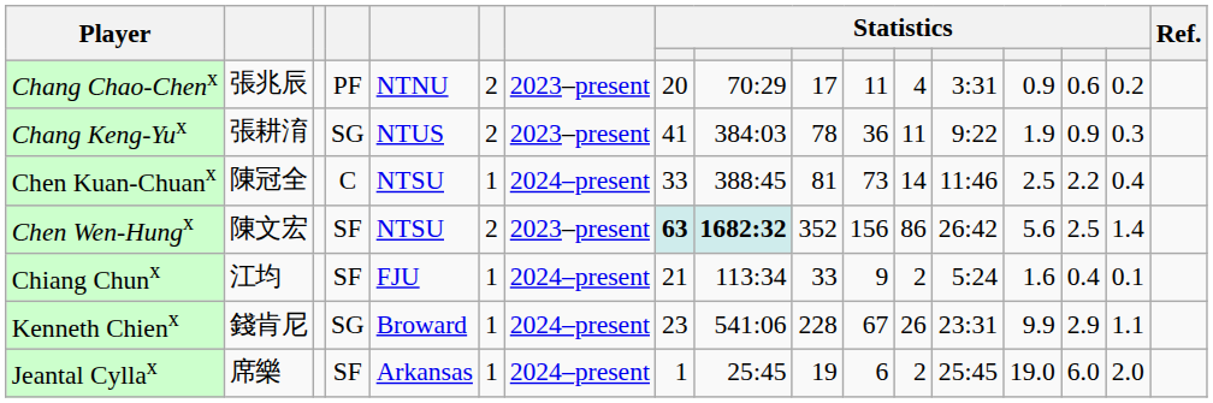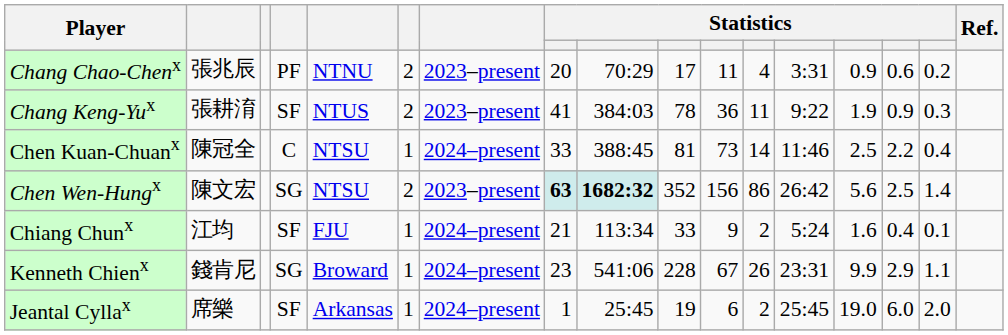 <table class="wikitable sortable" style="font-size:95%; text-align:right;">
 <tr>
 <th rowspan="2">Player</th>
 <th rowspan="2"></th>
 <th rowspan="2"></th>
 <th rowspan="2"></th>
 <th rowspan="2"></th>
 <th rowspan="2"></th>
 <th rowspan="2"></th>
 <th colspan="9">Statistics</th>
 <th rowspan="2">Ref.</th>
 </tr>
 <tr>
 <th></th>
 <th></th>
 <th></th>
 <th></th>
 <th></th>
 <th></th>
 <th></th>
 <th></th>
 <th></th>
 </tr>
 <tr>
 <td align="left" bgcolor="#CCFFCC"><em>Chang Chao-Chen</em><sup>x</sup></td>
 <td align="left">張兆辰</td>
 <td align="center"></td>
 <td align="center">PF</td>
 <td align="left"><a href='#'>NTNU</a></td>
 <td align="center">2</td>
 <td align="center"><a href='#'>2023</a>–<a href='#'>present</a></td>
 <td>20</td>
 <td>70:29</td>
 <td>17</td>
 <td>11</td>
 <td>4</td>
 <td>3:31</td>
 <td>0.9</td>
 <td>0.6</td>
 <td>0.2</td>
 <td align="center"></td>
 </tr>
 <tr>
 <td align="left" bgcolor="#CCFFCC"><em>Chang Keng-Yu</em><sup>x</sup></td>
 <td align="left">張耕淯</td>
 <td align="center"></td>
-<td align="center">SG</td>
+<td align="center">SF</td>
 <td align="left"><a href='#'>NTUS</a></td>
 <td align="center">2</td>
 <td align="center"><a href='#'>2023</a>–<a href='#'>present</a></td>
 <td>41</td>
 <td>384:03</td>
 <td>78</td>
 <td>36</td>
 <td>11</td>
 <td>9:22</td>
 <td>1.9</td>
 <td>0.9</td>
 <td>0.3</td>
 <td align="center"></td>
 </tr>
 <tr>
 <td align="left" bgcolor="#CCFFCC">Chen Kuan-Chuan<sup>x</sup></td>
 <td align="left">陳冠全</td>
 <td align="center"></td>
 <td align="center">C</td>
 <td align="left"><a href='#'>NTSU</a></td>
 <td align="center">1</td>
 <td align="center"><a href='#'>2024–present</a></td>
 <td>33</td>
 <td>388:45</td>
 <td>81</td>
 <td>73</td>
 <td>14</td>
 <td>11:46</td>
 <td>2.5</td>
 <td>2.2</td>
 <td>0.4</td>
 <td align="center"></td>
 </tr>
 <tr>
 <td align="left" bgcolor="#CCFFCC"><em>Chen Wen-Hung</em><sup>x</sup></td>
 <td align="left">陳文宏</td>
 <td align="center"></td>
-<td align="center">SF</td>
+<td align="center">SG</td>
 <td align="left"><a href='#'>NTSU</a></td>
 <td align="center">2</td>
 <td align="center"><a href='#'>2023</a>–<a href='#'>present</a></td>
 <td bgcolor="#CFECEC"><strong>63</strong></td>
 <td bgcolor="#CFECEC"><strong>1682:32</strong></td>
 <td>352</td>
 <td>156</td>
 <td>86</td>
 <td>26:42</td>
 <td>5.6</td>
 <td>2.5</td>
 <td>1.4</td>
 <td align="center"></td>
 </tr>
 <tr>
 <td align="left" bgcolor="#CCFFCC">Chiang Chun<sup>x</sup></td>
 <td align="left">江均</td>
 <td align="center"></td>
 <td align="center">SF</td>
 <td align="left"><a href='#'>FJU</a></td>
 <td align="center">1</td>
 <td align="center"><a href='#'>2024–present</a></td>
 <td>21</td>
 <td>113:34</td>
 <td>33</td>
 <td>9</td>
 <td>2</td>
 <td>5:24</td>
 <td>1.6</td>
 <td>0.4</td>
 <td>0.1</td>
 <td align="center"></td>
 </tr>
 <tr>
 <td align="left" bgcolor="#CCFFCC">Kenneth Chien<sup>x</sup></td>
 <td align="left">錢肯尼</td>
 <td align="center"></td>
 <td align="center">SG</td>
 <td align="left"><a href='#'>Broward</a></td>
 <td align="center">1</td>
 <td align="center"><a href='#'>2024–present</a></td>
 <td>23</td>
 <td>541:06</td>
 <td>228</td>
 <td>67</td>
 <td>26</td>
 <td>23:31</td>
 <td>9.9</td>
 <td>2.9</td>
 <td>1.1</td>
 <td align="center"></td>
 </tr>
 <tr>
 <td align="left" bgcolor="#CCFFCC">Jeantal Cylla<sup>x</sup></td>
 <td align="left">席樂</td>
 <td align="center"></td>
 <td align="center">SF</td>
 <td align="left"><a href='#'>Arkansas</a></td>
 <td align="center">1</td>
 <td align="center"><a href='#'>2024–present</a></td>
 <td>1</td>
 <td>25:45</td>
 <td>19</td>
 <td>6</td>
 <td>2</td>
 <td>25:45</td>
 <td>19.0</td>
 <td>6.0</td>
 <td>2.0</td>
 <td align="center"></td>
 </tr>
 </table>
